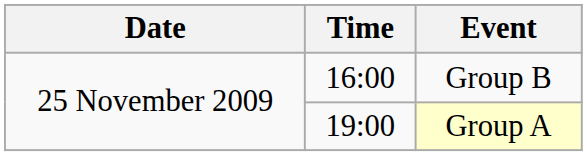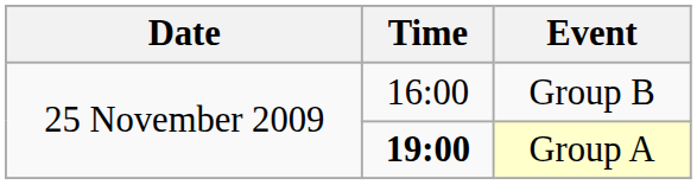 <table class = "wikitable" style="text-align:center;">
 <tr>
 <th width=150>Date</th>
 <th width=50>Time</th>
 <th width=80>Event</th>
 </tr>
 <tr>
 <td rowspan=2>25 November 2009</td>
 <td>16:00</td>
 <td>Group B</td>
 </tr>
 <tr>
-<td>19:00</td>
+<td><strong>19:00</strong></td>
 <td bgcolor=ffffcc>Group A</td>
 </tr>
 </table>
